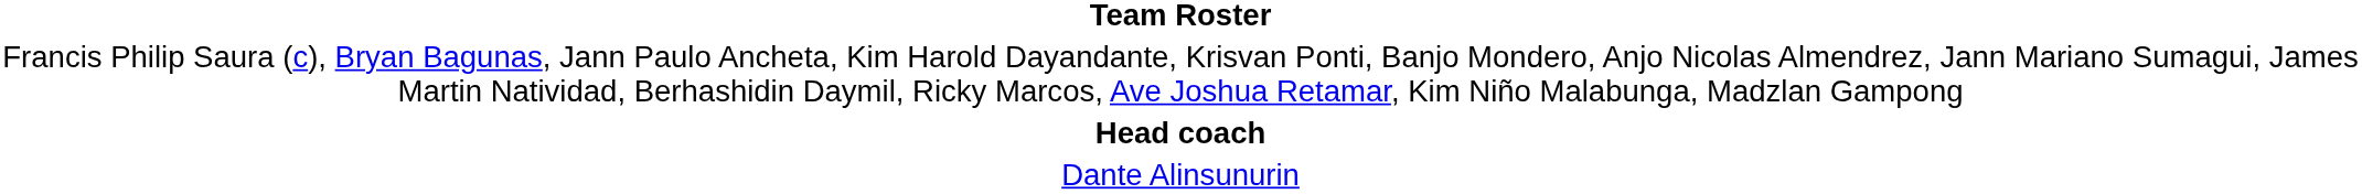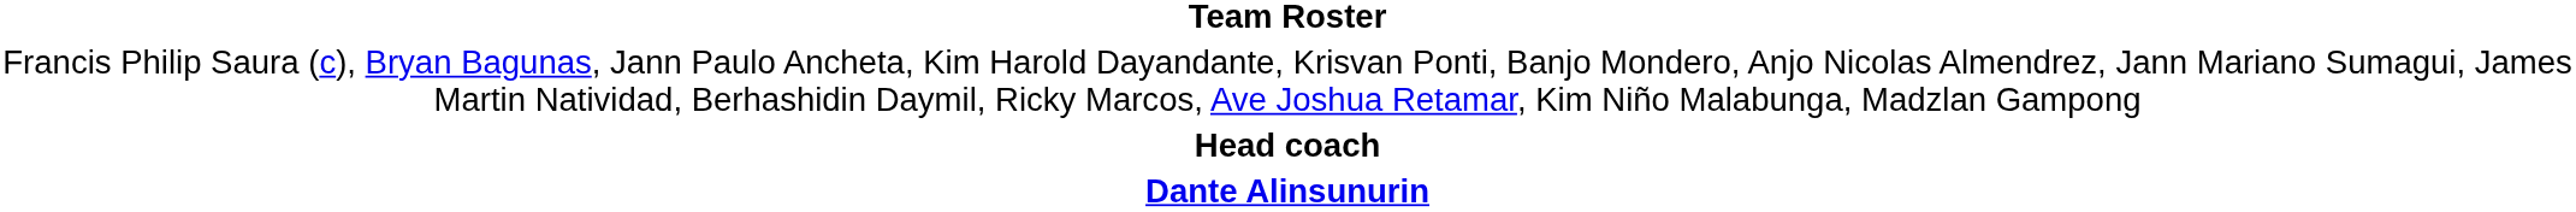 <table style="text-align:center; margin-top:2em; margin-left:auto; margin-right:auto">
 <tr>
 <td><strong>Team Roster</strong></td>
 </tr>
 <tr>
 <td>Francis Philip Saura (<a href='#'>c</a>), <a href='#'>Bryan Bagunas</a>, Jann Paulo Ancheta, Kim Harold Dayandante, Krisvan Ponti, Banjo Mondero, Anjo Nicolas Almendrez, Jann Mariano Sumagui, James Martin Natividad, Berhashidin Daymil, Ricky Marcos, <a href='#'>Ave Joshua Retamar</a>, Kim Niño Malabunga, Madzlan Gampong</td>
 </tr>
 <tr>
 <td><strong>Head coach</strong></td>
 </tr>
 <tr>
-<td><a href='#'>Dante Alinsunurin</a></td>
+<td><strong><a href='#'>Dante Alinsunurin</a></strong></td>
 </tr>
 </table>
